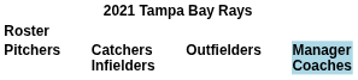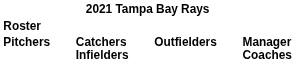 <table class="toccolours" style="font-size: 95%;">
 <tr>
 <th colspan="10">2021 Tampa Bay Rays</th>
 </tr>
 <tr>
 <td colspan="10"><strong>Roster</strong></td>
 </tr>
 <tr>
 <td valign="top"><strong>Pitchers</strong><br>                                      </td>
 <td style="width:25px;"></td>
 <td valign="top"><strong>Catchers</strong><br>    <strong>Infielders</strong>             </td>
 <td style="width:25px;"></td>
 <td valign="top"><strong>Outfielders</strong><br>     </td>
 <td style="width:25px;"></td>
-<td valign="top" style="background: lightblue;"><strong>Manager</strong><br> <strong>Coaches</strong>                    </td>
+<td valign="top"><strong>Manager</strong><br> <strong>Coaches</strong>                    </td>
 </tr>
 </table>
